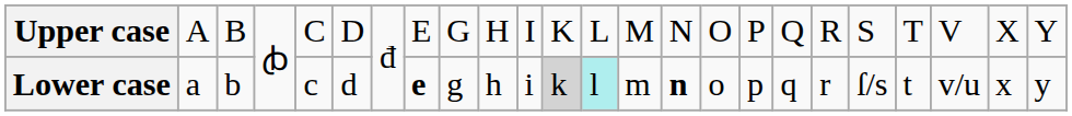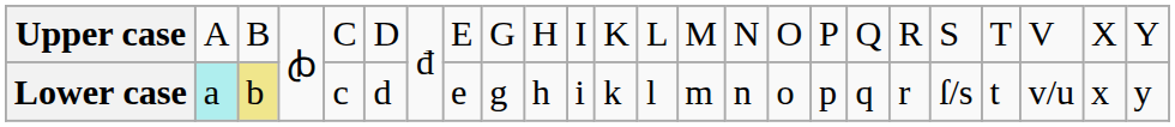 <table class="wikitable">
 <tr>
 <th>Upper case</th>
 <td>A</td>
 <td>B</td>
 <td rowspan="2">ꞗ</td>
 <td>C</td>
 <td>D</td>
 <td rowspan="2">đ</td>
 <td>E</td>
 <td>G</td>
 <td>H</td>
 <td>I</td>
 <td>K</td>
 <td>L</td>
 <td>M</td>
 <td>N</td>
 <td>O</td>
 <td>P</td>
 <td>Q</td>
 <td>R</td>
 <td>S</td>
 <td>T</td>
 <td>V</td>
 <td>X</td>
 <td>Y</td>
 </tr>
 <tr>
 <th>Lower case</th>
-<td>a</td>
-<td>b</td>
+<td style="background: paleturquoise;">a</td>
+<td style="background: khaki;">b</td>
 <td>c</td>
 <td>d</td>
-<td><strong>e</strong></td>
+<td>e</td>
 <td>g</td>
 <td>h</td>
 <td>i</td>
-<td style="background: lightgrey;">k</td>
-<td style="background: paleturquoise;">l</td>
+<td>k</td>
+<td>l</td>
 <td>m</td>
-<td><strong>n</strong></td>
+<td>n</td>
 <td>o</td>
 <td>p</td>
 <td>q</td>
 <td>r</td>
 <td>ſ/s</td>
 <td>t</td>
 <td>v/u</td>
 <td>x</td>
 <td>y</td>
 </tr>
 </table>
